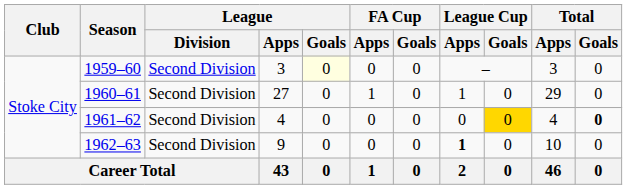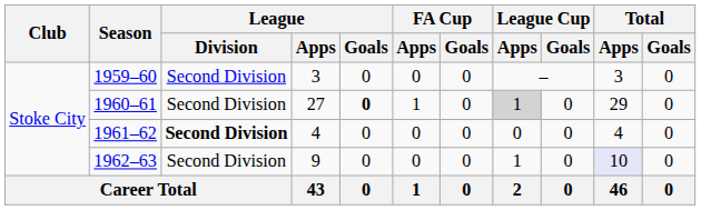 <table class="wikitable" style="text-align: center;">
 <tr>
 <th rowspan="2">Club</th>
 <th rowspan="2">Season</th>
 <th colspan="3">League</th>
 <th colspan="2">FA Cup</th>
 <th colspan="2">League Cup</th>
 <th colspan="2">Total</th>
 </tr>
 <tr>
 <th>Division</th>
 <th>Apps</th>
 <th>Goals</th>
 <th>Apps</th>
 <th>Goals</th>
 <th>Apps</th>
 <th>Goals</th>
 <th>Apps</th>
 <th>Goals</th>
 </tr>
 <tr>
 <td rowspan="4"><a href='#'>Stoke City</a></td>
 <td><a href='#'>1959–60</a></td>
 <td><a href='#'>Second Division</a></td>
 <td>3</td>
-<td style="background: lightyellow;">0</td>
+<td>0</td>
 <td>0</td>
 <td>0</td>
 <td colspan="2">–</td>
 <td>3</td>
 <td>0</td>
 </tr>
 <tr>
 <td><a href='#'>1960–61</a></td>
 <td>Second Division</td>
 <td>27</td>
-<td>0</td>
+<td><strong>0</strong></td>
 <td>1</td>
 <td>0</td>
-<td>1</td>
+<td style="background: lightgrey;">1</td>
 <td>0</td>
 <td>29</td>
 <td>0</td>
 </tr>
 <tr>
 <td><a href='#'>1961–62</a></td>
-<td>Second Division</td>
+<td><strong>Second Division</strong></td>
 <td>4</td>
 <td>0</td>
 <td>0</td>
 <td>0</td>
 <td>0</td>
-<td style="background: gold;">0</td>
+<td>0</td>
 <td>4</td>
-<td><strong>0</strong></td>
+<td>0</td>
 </tr>
 <tr>
 <td><a href='#'>1962–63</a></td>
 <td>Second Division</td>
 <td>9</td>
 <td>0</td>
 <td>0</td>
 <td>0</td>
-<td><strong>1</strong></td>
+<td>1</td>
 <td>0</td>
-<td>10</td>
+<td style="background: lavender;">10</td>
 <td>0</td>
 </tr>
 <tr>
 <th colspan="3">Career Total</th>
 <th>43</th>
 <th>0</th>
 <th>1</th>
 <th>0</th>
 <th>2</th>
 <th>0</th>
 <th>46</th>
 <th>0</th>
 </tr>
 </table>
